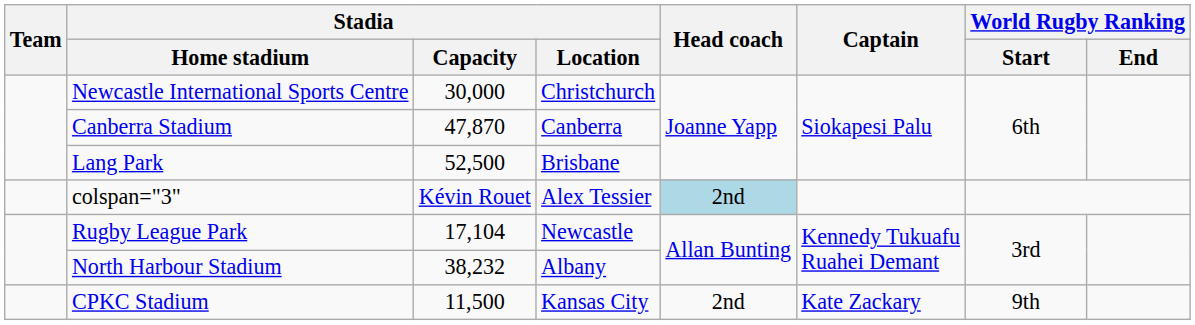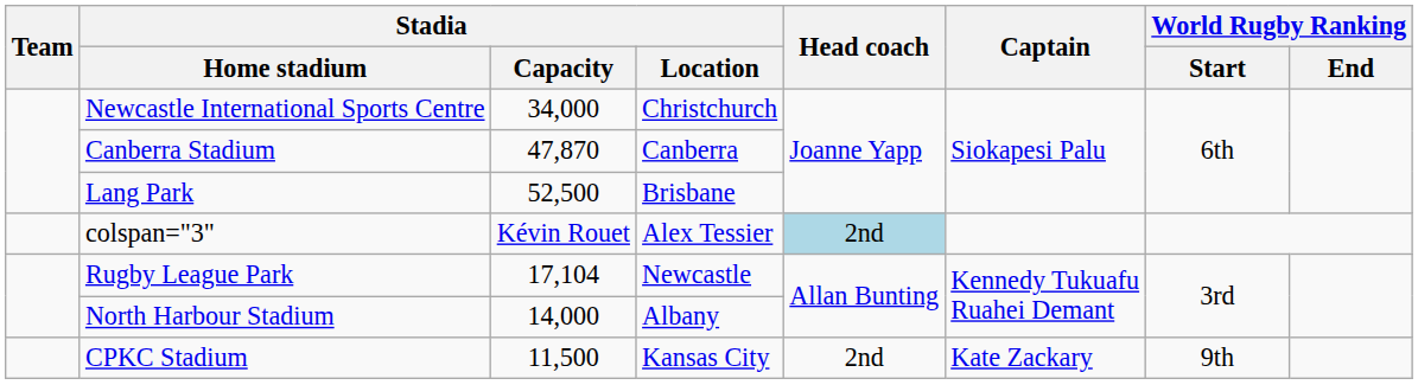 <table class="wikitable">
 <tr>
 <th rowspan="2">Team</th>
 <th colspan="3">Stadia</th>
 <th rowspan="2">Head coach</th>
 <th rowspan="2">Captain</th>
 <th colspan="2"><a href='#'>World Rugby Ranking</a></th>
 </tr>
 <tr>
 <th>Home stadium</th>
 <th>Capacity</th>
 <th>Location</th>
 <th>Start</th>
 <th>End</th>
 </tr>
 <tr>
 <td rowspan="3"></td>
 <td><a href='#'>Newcastle International Sports Centre</a></td>
-<td align="center">30,000</td>
+<td align="center">34,000</td>
 <td><a href='#'>Christchurch</a></td>
 <td rowspan="3"> <a href='#'>Joanne Yapp</a></td>
 <td rowspan="3"><a href='#'>Siokapesi Palu</a></td>
 <td rowspan="3" align=center>6th</td>
 <td rowspan="3" align=center></td>
 </tr>
 <tr>
 <td><a href='#'>Canberra Stadium</a></td>
 <td align="center">47,870</td>
 <td><a href='#'>Canberra</a></td>
 </tr>
 <tr>
 <td><a href='#'>Lang Park</a></td>
 <td align="center">52,500</td>
 <td><a href='#'>Brisbane</a></td>
 </tr>
 <tr>
 <td></td>
 <td>colspan="3"</td>
 <td> <a href='#'>Kévin Rouet</a></td>
 <td><a href='#'>Alex Tessier</a></td>
 <td align=center style="background: lightblue;">2nd</td>
 <td align=center></td>
 </tr>
 <tr>
 <td rowspan="2"></td>
 <td><a href='#'>Rugby League Park</a></td>
 <td align="center">17,104</td>
 <td><a href='#'>Newcastle</a></td>
 <td rowspan="2"> <a href='#'>Allan Bunting</a></td>
 <td rowspan="2"><a href='#'>Kennedy Tukuafu</a><br><a href='#'>Ruahei Demant</a></td>
 <td rowspan="2" align=center>3rd</td>
 <td rowspan="2" align=center></td>
 </tr>
 <tr>
 <td><a href='#'>North Harbour Stadium</a></td>
-<td align="center">38,232</td>
+<td align="center">14,000</td>
 <td><a href='#'>Albany</a></td>
 </tr>
 <tr>
 <td></td>
 <td><a href='#'>CPKC Stadium</a></td>
 <td align="center">11,500</td>
 <td><a href='#'>Kansas City</a></td>
 <td align=center>2nd</td>
 <td><a href='#'>Kate Zackary</a></td>
 <td align=center>9th</td>
 <td align=center></td>
 </tr>
 </table>
